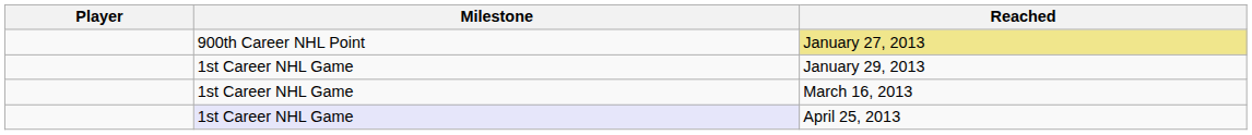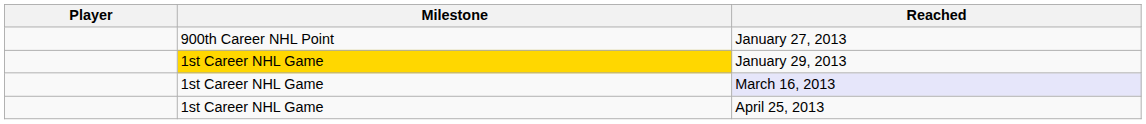 <table class="wikitable sortable" style="width:100%;">
 <tr align=center>
 <th>Player</th>
 <th>Milestone</th>
 <th>Reached</th>
 </tr>
 <tr>
 <td></td>
 <td>900th Career NHL Point</td>
-<td style="background: khaki;">January 27, 2013</td>
+<td>January 27, 2013</td>
 </tr>
 <tr>
 <td></td>
-<td>1st Career NHL Game</td>
+<td style="background: gold;">1st Career NHL Game</td>
 <td>January 29, 2013</td>
 </tr>
 <tr>
 <td></td>
 <td>1st Career NHL Game</td>
-<td>March 16, 2013</td>
+<td style="background: lavender;">March 16, 2013</td>
 </tr>
 <tr>
 <td></td>
-<td style="background: lavender;">1st Career NHL Game</td>
+<td>1st Career NHL Game</td>
 <td>April 25, 2013</td>
 </tr>
 </table>
